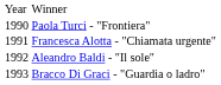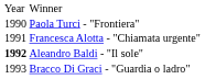 <table>
 <tr>
 <td>Year</td>
 <td>Winner</td>
 </tr>
 <tr>
 <td>1990</td>
 <td><a href='#'>Paola Turci</a> - "Frontiera"</td>
 </tr>
 <tr>
 <td>1991</td>
 <td><a href='#'>Francesca Alotta</a> - "Chiamata urgente"</td>
 </tr>
 <tr>
-<td>1992</td>
+<td><strong>1992</strong></td>
 <td><a href='#'>Aleandro Baldi</a> - "Il sole"</td>
 </tr>
 <tr>
 <td>1993</td>
 <td><a href='#'>Bracco Di Graci</a> - "Guardia o ladro"</td>
 </tr>
 </table>
